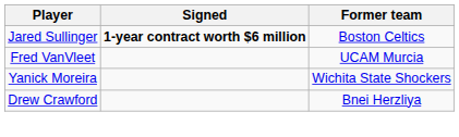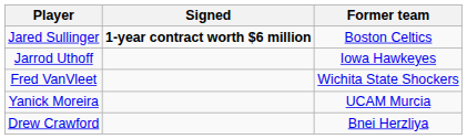 <table class="wikitable sortable sortable" style="text-align: center">
 <tr>
 <th>Player</th>
 <th>Signed</th>
 <th>Former team</th>
 </tr>
 <tr style="text-align: center">
 <td><a href='#'>Jared Sullinger</a></td>
 <td><strong>1-year contract worth $6 million</strong></td>
 <td><a href='#'>Boston Celtics</a></td>
 </tr>
 <tr style="text-align: center">
+<td><a href='#'>Jarrod Uthoff</a></td>
+<td></td>
+<td><a href='#'>Iowa Hawkeyes</a></td>
+</tr>
+<tr style="text-align: center">
 <td><a href='#'>Fred VanVleet</a></td>
 <td></td>
-<td><a href='#'>UCAM Murcia</a></td>
+<td><a href='#'>Wichita State Shockers</a></td>
 </tr>
 <tr style="text-align: center">
 <td><a href='#'>Yanick Moreira</a></td>
 <td></td>
-<td><a href='#'>Wichita State Shockers</a></td>
+<td><a href='#'>UCAM Murcia</a></td>
 </tr>
 <tr style="text-align: center">
 <td><a href='#'>Drew Crawford</a></td>
 <td></td>
 <td><a href='#'>Bnei Herzliya</a></td>
 </tr>
 </table>
